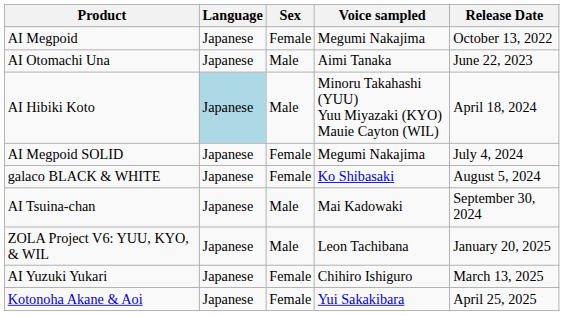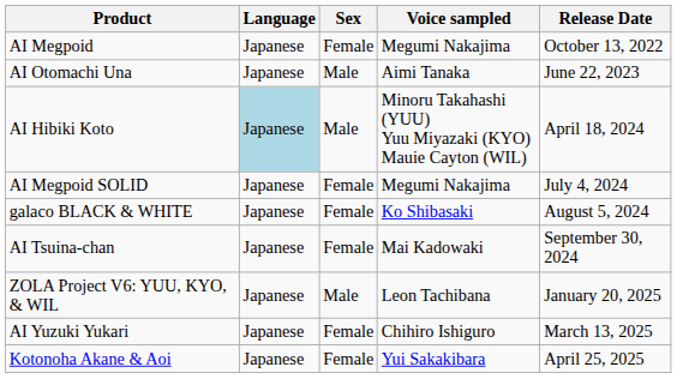 <table class="wikitable" style="text-align:left; width:100%">
 <tr>
 <th>Product</th>
 <th>Language</th>
 <th>Sex</th>
 <th>Voice sampled</th>
 <th>Release Date</th>
 </tr>
 <tr>
 <td>AI Megpoid</td>
 <td>Japanese</td>
 <td>Female</td>
 <td>Megumi Nakajima</td>
 <td>October 13, 2022</td>
 </tr>
 <tr>
 <td>AI Otomachi Una</td>
 <td>Japanese</td>
 <td>Male</td>
 <td>Aimi Tanaka</td>
 <td>June 22, 2023</td>
 </tr>
 <tr>
 <td>AI Hibiki Koto</td>
 <td style="background: lightblue;">Japanese</td>
 <td>Male</td>
 <td>Minoru Takahashi (YUU)<br>Yuu Miyazaki (KYO)<br>Mauie Cayton (WIL)</td>
 <td>April 18, 2024</td>
 </tr>
 <tr>
 <td>AI Megpoid SOLID</td>
 <td>Japanese</td>
 <td>Female</td>
 <td>Megumi Nakajima</td>
 <td>July 4, 2024</td>
 </tr>
 <tr>
 <td>galaco BLACK & WHITE</td>
 <td>Japanese</td>
 <td>Female</td>
 <td><a href='#'>Ko Shibasaki</a></td>
 <td>August 5, 2024</td>
 </tr>
 <tr>
 <td>AI Tsuina-chan</td>
 <td>Japanese</td>
-<td>Male</td>
+<td>Female</td>
 <td>Mai Kadowaki</td>
 <td>September 30, 2024</td>
 </tr>
 <tr>
 <td>ZOLA Project V6: YUU, KYO, & WIL</td>
 <td>Japanese</td>
 <td>Male</td>
 <td>Leon Tachibana</td>
 <td>January 20, 2025</td>
 </tr>
 <tr>
 <td>AI Yuzuki Yukari</td>
 <td>Japanese</td>
 <td>Female</td>
 <td>Chihiro Ishiguro</td>
 <td>March 13, 2025</td>
 </tr>
 <tr>
 <td><a href='#'>Kotonoha Akane & Aoi</a></td>
 <td>Japanese</td>
 <td>Female</td>
 <td><a href='#'>Yui Sakakibara</a></td>
 <td>April 25, 2025</td>
 </tr>
 </table>
